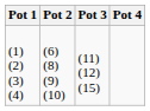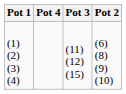 <table class="wikitable">
 <tr>
 <th width=25%>Pot 1</th>
+<th width=25%>Pot 4</th>
+<th width=25%>Pot 3</th>
 <th width=25%>Pot 2</th>
-<th width=25%>Pot 3</th>
-<th width=25%>Pot 4</th>
 </tr>
 <tr>
 <td><br> (1)<br>  (2)<br>  (3)<br>  (4)<br></td>
+<td><br><br> <br> <br> </td>
+<td><br> (11)<br>  (12)<br>  (15)<br> </td>
 <td><br> (6)<br>  (8)<br>  (9)<br>  (10)</td>
-<td><br> (11)<br>  (12)<br>  (15)<br> </td>
-<td><br><br> <br> <br> </td>
 </tr>
 </table>
